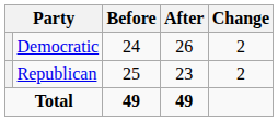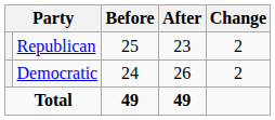 <table class="wikitable" style="text-align:center;">
 <tr>
 <th colspan="2">Party</th>
 <th>Before</th>
 <th>After</th>
 <th>Change</th>
 </tr>
 <tr>
 <th style="background-color:"></th>
-<td style="text-align:left;"><a href='#'>Democratic</a></td>
-<td>24</td>
-<td>26</td>
+<td style="text-align:left;"><a href='#'>Republican</a></td>
+<td>25</td>
+<td>23</td>
 <td> 2</td>
 </tr>
 <tr>
 <th style="background-color:"></th>
-<td style="text-align:left;"><a href='#'>Republican</a></td>
-<td>25</td>
-<td>23</td>
+<td style="text-align:left;"><a href='#'>Democratic</a></td>
+<td>24</td>
+<td>26</td>
 <td> 2</td>
 </tr>
 <tr>
 <td colspan="2"><strong>Total</strong></td>
 <td><strong>49</strong></td>
 <td><strong>49</strong></td>
 <td></td>
 </tr>
 </table>
